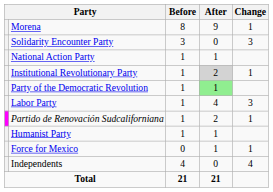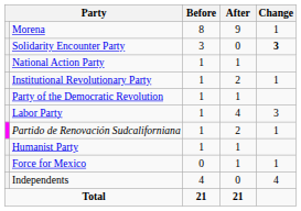 <table class="wikitable" style="text-align:center;">
 <tr>
 <th colspan="2">Party</th>
 <th style="width:3em">Before</th>
 <th style="width:3em">After</th>
 <th style="width:3em">Change</th>
 </tr>
 <tr>
 <th style="background-color:"></th>
 <td style="text-align:left;"><a href='#'>Morena</a></td>
 <td>8</td>
 <td>9</td>
 <td>1</td>
 </tr>
 <tr>
 <th style="background-color:"></th>
 <td style="text-align:left;"><a href='#'>Solidarity Encounter Party</a></td>
 <td>3</td>
 <td>0</td>
-<td>3</td>
+<td><strong>3</strong></td>
 </tr>
 <tr>
 <th style="background-color:"></th>
 <td style="text-align:left;"><a href='#'>National Action Party</a></td>
 <td>1</td>
 <td>1</td>
 <td></td>
 </tr>
 <tr>
 <th style="background-color:"></th>
 <td style="text-align:left;"><a href='#'>Institutional Revolutionary Party</a></td>
 <td>1</td>
-<td style="background: lightgrey;">2</td>
+<td>2</td>
 <td>1</td>
 </tr>
 <tr>
 <th style="background-color:"></th>
 <td style="text-align:left;"><a href='#'>Party of the Democratic Revolution</a></td>
 <td>1</td>
-<td style="background: lightgreen;">1</td>
+<td>1</td>
 <td></td>
 </tr>
 <tr>
 <th style="background-color:"></th>
 <td style="text-align:left;"><a href='#'>Labor Party</a></td>
 <td>1</td>
 <td>4</td>
 <td>3</td>
 </tr>
 <tr>
 <th style="background-color:#ff00ff;"></th>
 <td style="text-align:left;"><em>Partido de Renovación Sudcaliforniana</em></td>
 <td>1</td>
 <td>2</td>
 <td>1</td>
 </tr>
 <tr>
 <th style="background-color:"></th>
 <td style="text-align:left;"><a href='#'>Humanist Party</a></td>
 <td>1</td>
 <td>1</td>
 <td></td>
 </tr>
 <tr>
 <th style="background-color:"></th>
 <td style="text-align:left;"><a href='#'>Force for Mexico</a></td>
 <td>0</td>
 <td>1</td>
 <td>1</td>
 </tr>
 <tr>
 <th style="background-color:"></th>
 <td style="text-align:left;">Independents</td>
 <td>4</td>
 <td>0</td>
 <td>4</td>
 </tr>
 <tr>
 <td colspan="2"><strong>Total</strong></td>
 <td><strong>21</strong></td>
 <td><strong>21</strong></td>
 <td></td>
 </tr>
 </table>
